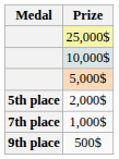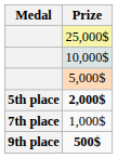 <table class=wikitable style="text-align:center;">
 <tr>
 <th>Medal</th>
 <th>Prize</th>
 </tr>
 <tr bgcolor=F7F6A8>
 <th></th>
 <td>25,000$</td>
 </tr>
 <tr bgcolor=DCE5E5>
 <th></th>
 <td>10,000$</td>
 </tr>
 <tr bgcolor=FFDAB9>
 <th></th>
 <td>5,000$</td>
 </tr>
 <tr>
 <th>5th place</th>
-<td>2,000$</td>
+<td><strong>2,000$</strong></td>
 </tr>
 <tr>
 <th>7th place</th>
 <td>1,000$</td>
 </tr>
 <tr>
 <th>9th place</th>
-<td>500$</td>
+<td><strong>500$</strong></td>
 </tr>
 </table>
